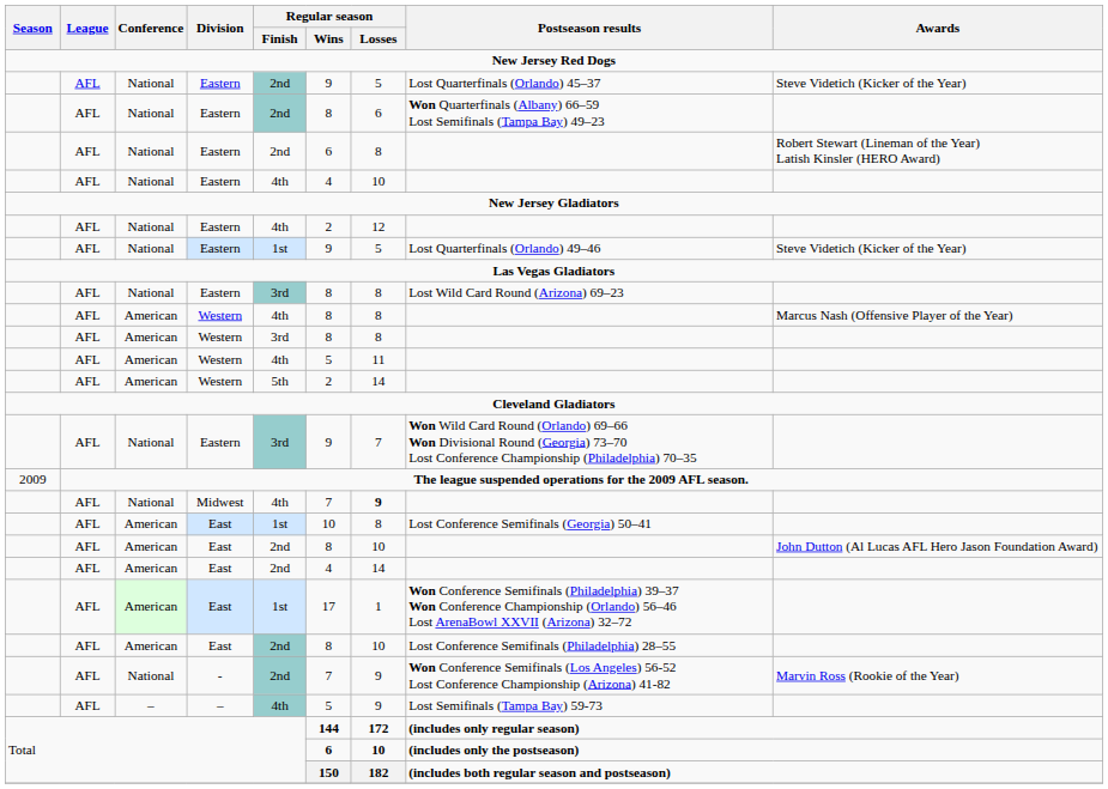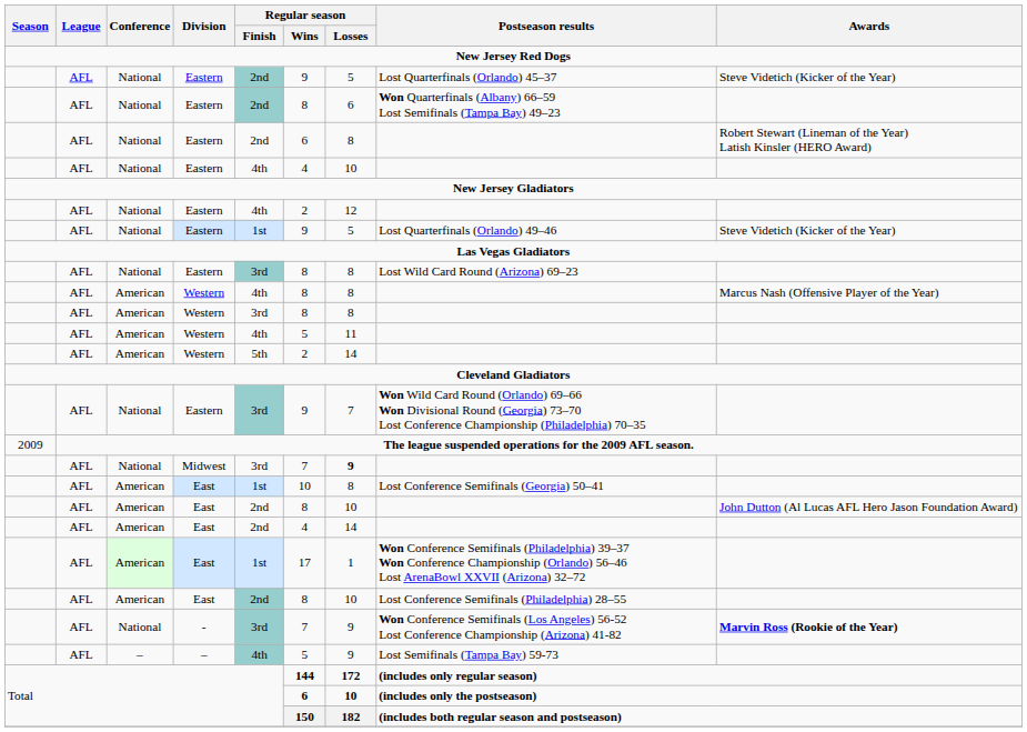 <table class="wikitable" style="font-size: 95%; width:98%;">
 <tr>
 <th rowspan="2" style="width:5%;"><a href='#'>Season</a></th>
 <th rowspan="2" style="width:5%;"><a href='#'>League</a></th>
 <th rowspan="2" style="width:5%;">Conference</th>
 <th rowspan="2">Division</th>
 <th colspan="3">Regular season</th>
 <th rowspan="2">Postseason results</th>
 <th rowspan="2" style="width:30%;">Awards</th>
 </tr>
 <tr>
 <th>Finish</th>
 <th>Wins</th>
 <th>Losses</th>
 </tr>
 <tr>
 <td align="center" Colspan="9"><strong>New Jersey Red Dogs</strong></td>
 </tr>
 <tr>
 <td align="center"></td>
 <td align="center"><a href='#'>AFL</a></td>
 <td align="center">National</td>
 <td align="center"><a href='#'>Eastern</a></td>
 <td align="center" bgcolor="#96CDCD">2nd</td>
 <td align="center">9</td>
 <td align="center">5</td>
 <td>Lost Quarterfinals (<a href='#'>Orlando</a>) 45–37</td>
 <td>Steve Videtich (Kicker of the Year)</td>
 </tr>
 <tr>
 <td align="center"></td>
 <td align="center">AFL</td>
 <td align="center">National</td>
 <td align="center">Eastern</td>
 <td align="center" bgcolor="#96CDCD">2nd</td>
 <td align="center">8</td>
 <td align="center">6</td>
 <td><strong>Won</strong> Quarterfinals (<a href='#'>Albany</a>) 66–59 <br> Lost Semifinals (<a href='#'>Tampa Bay</a>) 49–23</td>
 <td></td>
 </tr>
 <tr>
 <td align="center"></td>
 <td align="center">AFL</td>
 <td align="center">National</td>
 <td align="center">Eastern</td>
 <td align="center">2nd</td>
 <td align="center">6</td>
 <td align="center">8</td>
 <td></td>
 <td>Robert Stewart (Lineman of the Year) <br> Latish Kinsler (HERO Award)</td>
 </tr>
 <tr>
 <td align="center"></td>
 <td align="center">AFL</td>
 <td align="center">National</td>
 <td align="center">Eastern</td>
 <td align="center">4th</td>
 <td align="center">4</td>
 <td align="center">10</td>
 <td></td>
 <td></td>
 </tr>
 <tr>
 <td align="center" Colspan="9"><strong>New Jersey Gladiators</strong></td>
 </tr>
 <tr>
 <td align="center"></td>
 <td align="center">AFL</td>
 <td align="center">National</td>
 <td align="center">Eastern</td>
 <td align="center">4th</td>
 <td align="center">2</td>
 <td align="center">12</td>
 <td></td>
 <td></td>
 </tr>
 <tr>
 <td align="center"></td>
 <td align="center">AFL</td>
 <td align="center">National</td>
 <td align="center" style="background: #D0E7FF;">Eastern</td>
 <td align="center" style="background: #D0E7FF;">1st</td>
 <td align="center">9</td>
 <td align="center">5</td>
 <td>Lost Quarterfinals (<a href='#'>Orlando</a>) 49–46</td>
 <td>Steve Videtich (Kicker of the Year)</td>
 </tr>
 <tr>
 <td align="center" Colspan="9"><strong>Las Vegas Gladiators</strong></td>
 </tr>
 <tr>
 <td align="center"></td>
 <td align="center">AFL</td>
 <td align="center">National</td>
 <td align="center">Eastern</td>
 <td align="center" bgcolor="#96CDCD">3rd</td>
 <td align="center">8</td>
 <td align="center">8</td>
 <td>Lost Wild Card Round (<a href='#'>Arizona</a>) 69–23</td>
 <td></td>
 </tr>
 <tr>
 <td align="center"></td>
 <td align="center">AFL</td>
 <td align="center">American</td>
 <td align="center"><a href='#'>Western</a></td>
 <td align="center">4th</td>
 <td align="center">8</td>
 <td align="center">8</td>
 <td></td>
 <td>Marcus Nash (Offensive Player of the Year)</td>
 </tr>
 <tr>
 <td align="center"></td>
 <td align="center">AFL</td>
 <td align="center">American</td>
 <td align="center">Western</td>
 <td align="center">3rd</td>
 <td align="center">8</td>
 <td align="center">8</td>
 <td></td>
 <td></td>
 </tr>
 <tr>
 <td align="center"></td>
 <td align="center">AFL</td>
 <td align="center">American</td>
 <td align="center">Western</td>
 <td align="center">4th</td>
 <td align="center">5</td>
 <td align="center">11</td>
 <td></td>
 <td></td>
 </tr>
 <tr>
 <td align="center"></td>
 <td align="center">AFL</td>
 <td align="center">American</td>
 <td align="center">Western</td>
 <td align="center">5th</td>
 <td align="center">2</td>
 <td align="center">14</td>
 <td></td>
 <td></td>
 </tr>
 <tr>
 <td align="center" Colspan="9"><strong>Cleveland Gladiators</strong></td>
 </tr>
 <tr>
 <td align="center"></td>
 <td align="center">AFL</td>
 <td align="center">National</td>
 <td align="center">Eastern</td>
 <td align="center" bgcolor="#96CDCD">3rd</td>
 <td align="center">9</td>
 <td align="center">7</td>
 <td><strong>Won</strong> Wild Card Round (<a href='#'>Orlando</a>) 69–66 <br> <strong>Won</strong> Divisional Round (<a href='#'>Georgia</a>) 73–70 <br> Lost Conference Championship (<a href='#'>Philadelphia</a>) 70–35</td>
 <td></td>
 </tr>
 <tr>
 <td align="center">2009</td>
 <td align="center" Colspan="8"><strong>The league suspended operations for the 2009 AFL season.</strong></td>
 </tr>
 <tr>
 <td align="center"></td>
 <td align="center">AFL</td>
 <td align="center">National</td>
 <td align="center">Midwest</td>
-<td align="center">4th</td>
+<td align="center">3rd</td>
 <td align="center">7</td>
 <td align="center"><strong>9</strong></td>
 <td></td>
 <td></td>
 </tr>
 <tr>
 <td align="center"></td>
 <td align="center">AFL</td>
 <td align="center">American</td>
 <td align="center" style="background: #D0E7FF;">East</td>
 <td align="center" style="background: #D0E7FF;">1st</td>
 <td align="center">10</td>
 <td align="center">8</td>
 <td>Lost Conference Semifinals (<a href='#'>Georgia</a>) 50–41</td>
 <td></td>
 </tr>
 <tr>
 <td align="center"></td>
 <td align="center">AFL</td>
 <td align="center">American</td>
 <td align="center">East</td>
 <td align="center">2nd</td>
 <td align="center">8</td>
 <td align="center">10</td>
 <td></td>
 <td><a href='#'>John Dutton</a> (Al Lucas AFL Hero Jason Foundation Award)</td>
 </tr>
 <tr>
 <td align="center"></td>
 <td align="center">AFL</td>
 <td align="center">American</td>
 <td align="center">East</td>
 <td align="center">2nd</td>
 <td align="center">4</td>
 <td align="center">14</td>
 <td></td>
 <td></td>
 </tr>
 <tr>
 <td align="center"></td>
 <td align="center">AFL</td>
 <td align="center" bgcolor="#DDFFDD">American</td>
 <td align="center" style="background: #D0E7FF;">East</td>
 <td align="center" style="background: #D0E7FF;">1st</td>
 <td align="center">17</td>
 <td align="center">1</td>
 <td><strong>Won</strong> Conference Semifinals (<a href='#'>Philadelphia</a>) 39–37 <br> <strong>Won</strong> Conference Championship (<a href='#'>Orlando</a>) 56–46<br>Lost <a href='#'>ArenaBowl XXVII</a> (<a href='#'>Arizona</a>) 32–72</td>
 <td></td>
 </tr>
 <tr>
 <td align="center"></td>
 <td align="center">AFL</td>
 <td align="center">American</td>
 <td align="center">East</td>
 <td align="center" bgcolor="#96CDCD">2nd</td>
 <td align="center">8</td>
 <td align="center">10</td>
 <td>Lost Conference Semifinals (<a href='#'>Philadelphia</a>) 28–55</td>
 <td></td>
 </tr>
 <tr>
 <td align="center"></td>
 <td align="center">AFL</td>
 <td align="center">National</td>
 <td align="center">-</td>
-<td align="center" bgcolor="#96CDCD">2nd</td>
+<td align="center" bgcolor="#96CDCD">3rd</td>
 <td align="center">7</td>
 <td align="center">9</td>
 <td><strong>Won</strong> Conference Semifinals (<a href='#'>Los Angeles</a>) 56-52 <br> Lost Conference Championship (<a href='#'>Arizona</a>) 41-82</td>
-<td><a href='#'>Marvin Ross</a> (Rookie of the Year)</td>
+<td><strong><a href='#'>Marvin Ross</a> (Rookie of the Year)</strong></td>
 </tr>
 <tr>
 <td align="center"></td>
 <td align="center">AFL</td>
 <td align="center">–</td>
 <td align="center">–</td>
 <td align="center" bgcolor="#96CDCD">4th</td>
 <td align="center">5</td>
 <td align="center">9</td>
 <td>Lost Semifinals (<a href='#'>Tampa Bay</a>) 59-73</td>
 <td></td>
 </tr>
 <tr>
 <td !align="center" rowSpan="3" colSpan="5">Total</td>
 <td align="center"><strong>144</strong></td>
 <td align="center"><strong>172</strong></td>
 <td colSpan="2"><strong>(includes only regular season)</strong></td>
 </tr>
 <tr>
 <td align="center"><strong>6</strong></td>
 <td align="center"><strong>10</strong></td>
 <td colSpan="2"><strong>(includes only the postseason)</strong></td>
 </tr>
 <tr>
 <th align="center">150</th>
 <th align="center">182</th>
 <td colSpan="2"><strong>(includes both regular season and postseason)</strong></td>
 </tr>
 <tr>
 </tr>
 </table>
